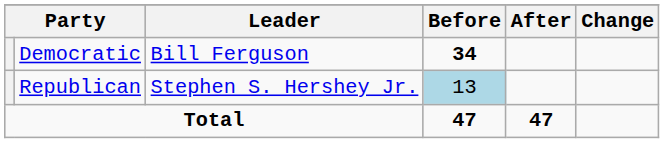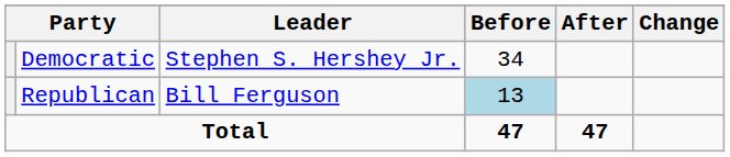 <table class="wikitable" style="text-align:center;">
 <tr>
 </tr>
 <tr>
 <th colspan=2>Party</th>
 <th>Leader</th>
 <th style="width:3em">Before</th>
 <th style="width:3em">After</th>
 <th style="width:3em">Change</th>
 </tr>
 <tr>
 <th style="background-color:"></th>
 <td style="text-align:left;"><a href='#'>Democratic</a></td>
-<td style="text-align:left;"><a href='#'>Bill Ferguson</a></td>
-<td><strong>34</strong></td>
+<td style="text-align:left;"><a href='#'>Stephen S. Hershey Jr.</a></td>
+<td>34</td>
 <td></td>
 <td></td>
 </tr>
 <tr>
 <th style="background-color:"></th>
 <td style="text-align:left;"><a href='#'>Republican</a></td>
-<td style="text-align:left;"><a href='#'>Stephen S. Hershey Jr.</a></td>
+<td style="text-align:left;"><a href='#'>Bill Ferguson</a></td>
 <td style="background: lightblue;">13</td>
 <td></td>
 <td></td>
 </tr>
 <tr>
 <td colspan=3><strong>Total</strong></td>
 <td><strong>47</strong></td>
 <td><strong>47</strong></td>
 <td></td>
 </tr>
 </table>
